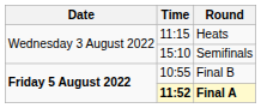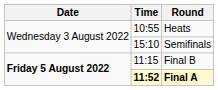 <table class="wikitable">
 <tr>
 <th>Date</th>
 <th>Time</th>
 <th>Round</th>
 </tr>
 <tr>
 <td rowspan=2>Wednesday 3 August 2022</td>
-<td>11:15</td>
+<td>10:55</td>
 <td>Heats</td>
 </tr>
 <tr>
 <td>15:10</td>
 <td>Semifinals</td>
 </tr>
 <tr>
 <td rowspan=2><strong>Friday 5 August 2022</strong></td>
-<td>10:55</td>
+<td>11:15</td>
 <td>Final B</td>
 </tr>
 <tr>
 <td style=background:lemonchiffon><strong>11:52</strong></td>
 <td style=background:lemonchiffon><strong>Final A</strong></td>
 </tr>
 </table>
